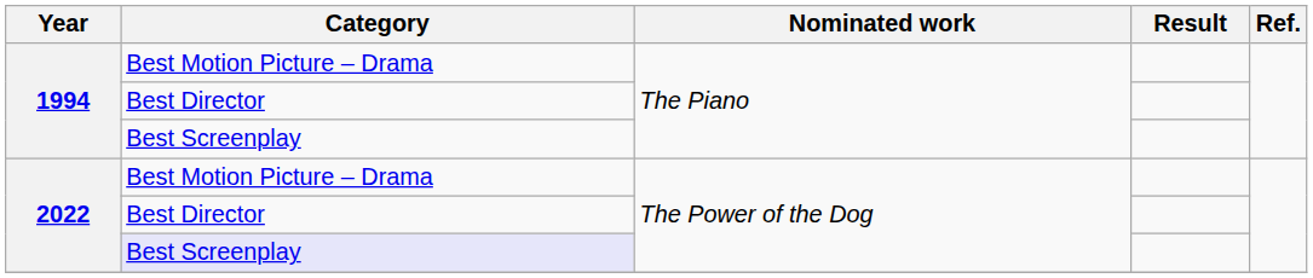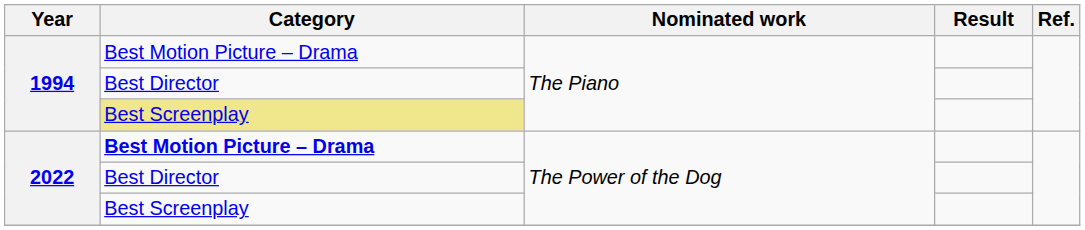 <table class=wikitable>
 <tr>
 <th scope="col" style="width:5em;">Year</th>
 <th scope="col" style="width:26em;">Category</th>
 <th scope="col" style="width:25em;">Nominated work</th>
 <th scope="col" style="width:5em;">Result</th>
 <th>Ref.</th>
 </tr>
 <tr>
 <th scope="row" rowspan="3"><a href='#'>1994</a></th>
 <td><a href='#'>Best Motion Picture – Drama</a></td>
 <td rowspan="3"><em>The Piano</em></td>
 <td></td>
 <td rowspan="3"></td>
 </tr>
 <tr>
 <td><a href='#'>Best Director</a></td>
 <td></td>
 </tr>
 <tr>
-<td><a href='#'>Best Screenplay</a></td>
+<td style="background: khaki;"><a href='#'>Best Screenplay</a></td>
 <td></td>
 </tr>
 <tr>
 <th scope="row", rowspan="3"><a href='#'>2022</a></th>
-<td><a href='#'>Best Motion Picture – Drama</a></td>
+<td><strong><a href='#'>Best Motion Picture – Drama</a></strong></td>
 <td rowspan="3"><em>The Power of the Dog</em></td>
 <td></td>
 <td rowspan="3"></td>
 </tr>
 <tr>
 <td><a href='#'>Best Director</a></td>
 <td></td>
 </tr>
 <tr>
-<td style="background: lavender;"><a href='#'>Best Screenplay</a></td>
+<td><a href='#'>Best Screenplay</a></td>
 <td></td>
 </tr>
 <tr>
 </tr>
 </table>
